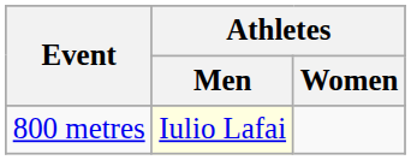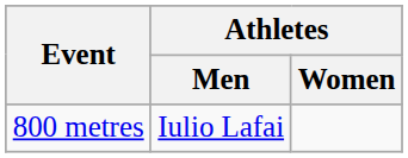 <table class=wikitable style="font-size:90%">
 <tr>
 <th rowspan=2>Event</th>
 <th colspan=2>Athletes</th>
 </tr>
 <tr>
 <th>Men</th>
 <th>Women</th>
 </tr>
 <tr>
 <td><a href='#'>800 metres</a></td>
-<td style="background: lightyellow;"><a href='#'>Iulio Lafai</a></td>
+<td><a href='#'>Iulio Lafai</a></td>
 <td></td>
 </tr>
 </table>
